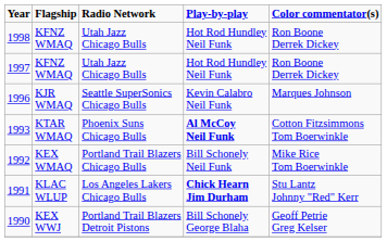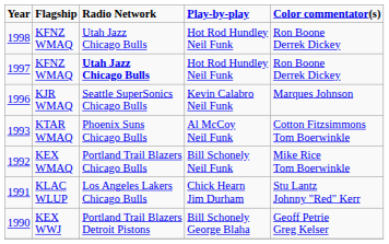 <table class="wikitable">
 <tr>
 <td><strong>Year</strong></td>
 <td><strong>Flagship</strong></td>
 <td><strong>Radio Network</strong></td>
 <td><strong><a href='#'>Play-by-play</a></strong></td>
 <td><strong><a href='#'>Color commentator</a>(s)</strong></td>
 </tr>
 <tr>
 <td><a href='#'>1998</a></td>
 <td><a href='#'>KFNZ</a> <br><a href='#'>WMAQ</a></td>
 <td><a href='#'>Utah Jazz</a><br><a href='#'>Chicago Bulls</a></td>
 <td><a href='#'>Hot Rod Hundley</a><br><a href='#'>Neil Funk</a></td>
 <td><a href='#'>Ron Boone</a><br><a href='#'>Derrek Dickey</a></td>
 </tr>
 <tr>
 <td><a href='#'>1997</a></td>
 <td><a href='#'>KFNZ</a> <br><a href='#'>WMAQ</a></td>
-<td><a href='#'>Utah Jazz</a><br><a href='#'>Chicago Bulls</a></td>
+<td><strong><a href='#'>Utah Jazz</a><br><a href='#'>Chicago Bulls</a></strong></td>
 <td><a href='#'>Hot Rod Hundley</a><br><a href='#'>Neil Funk</a></td>
 <td><a href='#'>Ron Boone</a><br><a href='#'>Derrek Dickey</a></td>
 </tr>
 <tr>
 <td><a href='#'>1996</a></td>
 <td><a href='#'>KJR</a> <br><a href='#'>WMAQ</a></td>
 <td><a href='#'>Seattle SuperSonics</a><br><a href='#'>Chicago Bulls</a></td>
 <td><a href='#'>Kevin Calabro</a><br><a href='#'>Neil Funk</a></td>
 <td><a href='#'>Marques Johnson</a><br><br></td>
 </tr>
 <tr>
 <td><a href='#'>1993</a></td>
 <td><a href='#'>KTAR</a> <br><a href='#'>WMAQ</a></td>
 <td><a href='#'>Phoenix Suns</a><br><a href='#'>Chicago Bulls</a></td>
-<td><strong><a href='#'>Al McCoy</a><br><a href='#'>Neil Funk</a></strong></td>
+<td><a href='#'>Al McCoy</a><br><a href='#'>Neil Funk</a></td>
 <td><a href='#'>Cotton Fitzsimmons</a><br><a href='#'>Tom Boerwinkle</a></td>
 </tr>
 <tr>
 <td><a href='#'>1992</a></td>
 <td><a href='#'>KEX</a> <br><a href='#'>WMAQ</a></td>
 <td><a href='#'>Portland Trail Blazers</a><br><a href='#'>Chicago Bulls</a></td>
 <td><a href='#'>Bill Schonely</a><br><a href='#'>Neil Funk</a></td>
 <td><a href='#'>Mike Rice</a><br><a href='#'>Tom Boerwinkle</a></td>
 </tr>
 <tr>
 <td><a href='#'>1991</a></td>
 <td><a href='#'>KLAC</a> <br><a href='#'>WLUP</a></td>
 <td><a href='#'>Los Angeles Lakers</a><br><a href='#'>Chicago Bulls</a></td>
-<td><strong><a href='#'>Chick Hearn</a><br><a href='#'>Jim Durham</a></strong></td>
+<td><a href='#'>Chick Hearn</a><br><a href='#'>Jim Durham</a></td>
 <td><a href='#'>Stu Lantz</a><br><a href='#'>Johnny "Red" Kerr</a></td>
 </tr>
 <tr>
 <td><a href='#'>1990</a></td>
 <td><a href='#'>KEX</a> <br><a href='#'>WWJ</a></td>
 <td><a href='#'>Portland Trail Blazers</a><br><a href='#'>Detroit Pistons</a></td>
 <td><a href='#'>Bill Schonely</a><br><a href='#'>George Blaha</a></td>
 <td><a href='#'>Geoff Petrie</a><br><a href='#'>Greg Kelser</a></td>
 </tr>
 <tr>
 </tr>
 </table>
